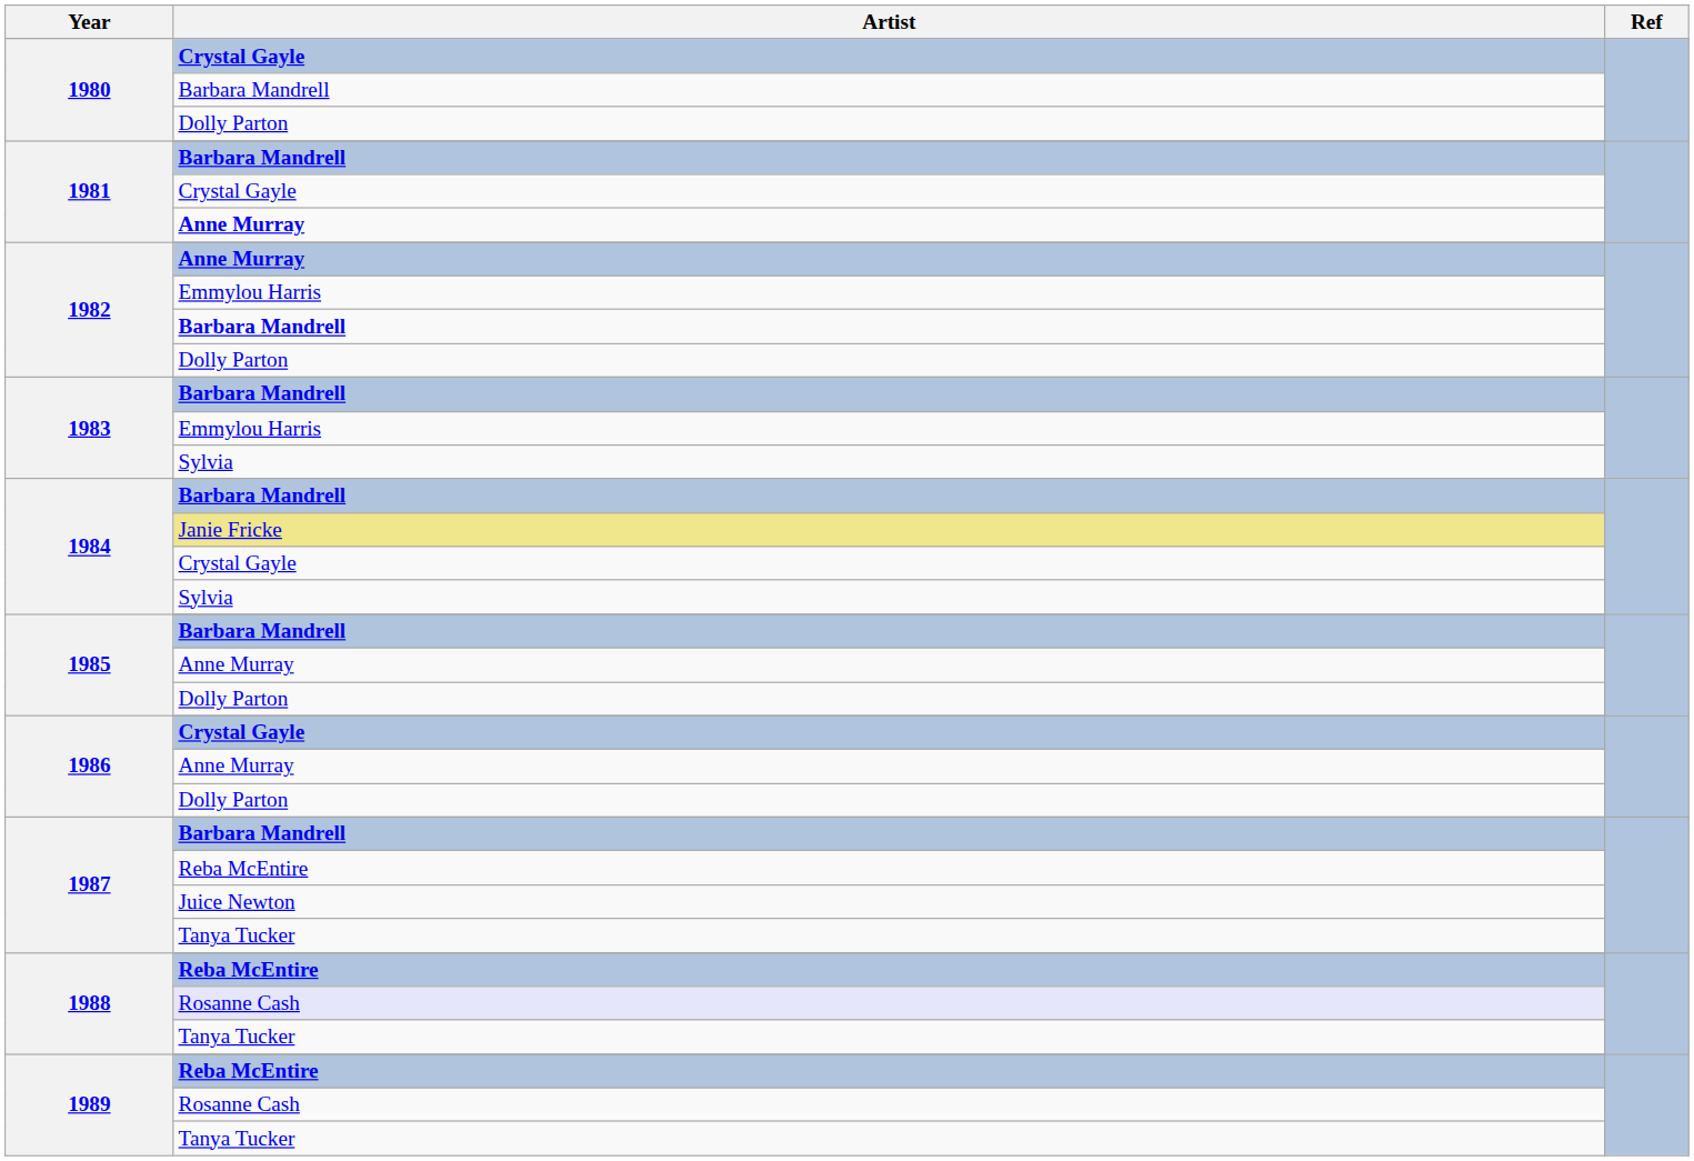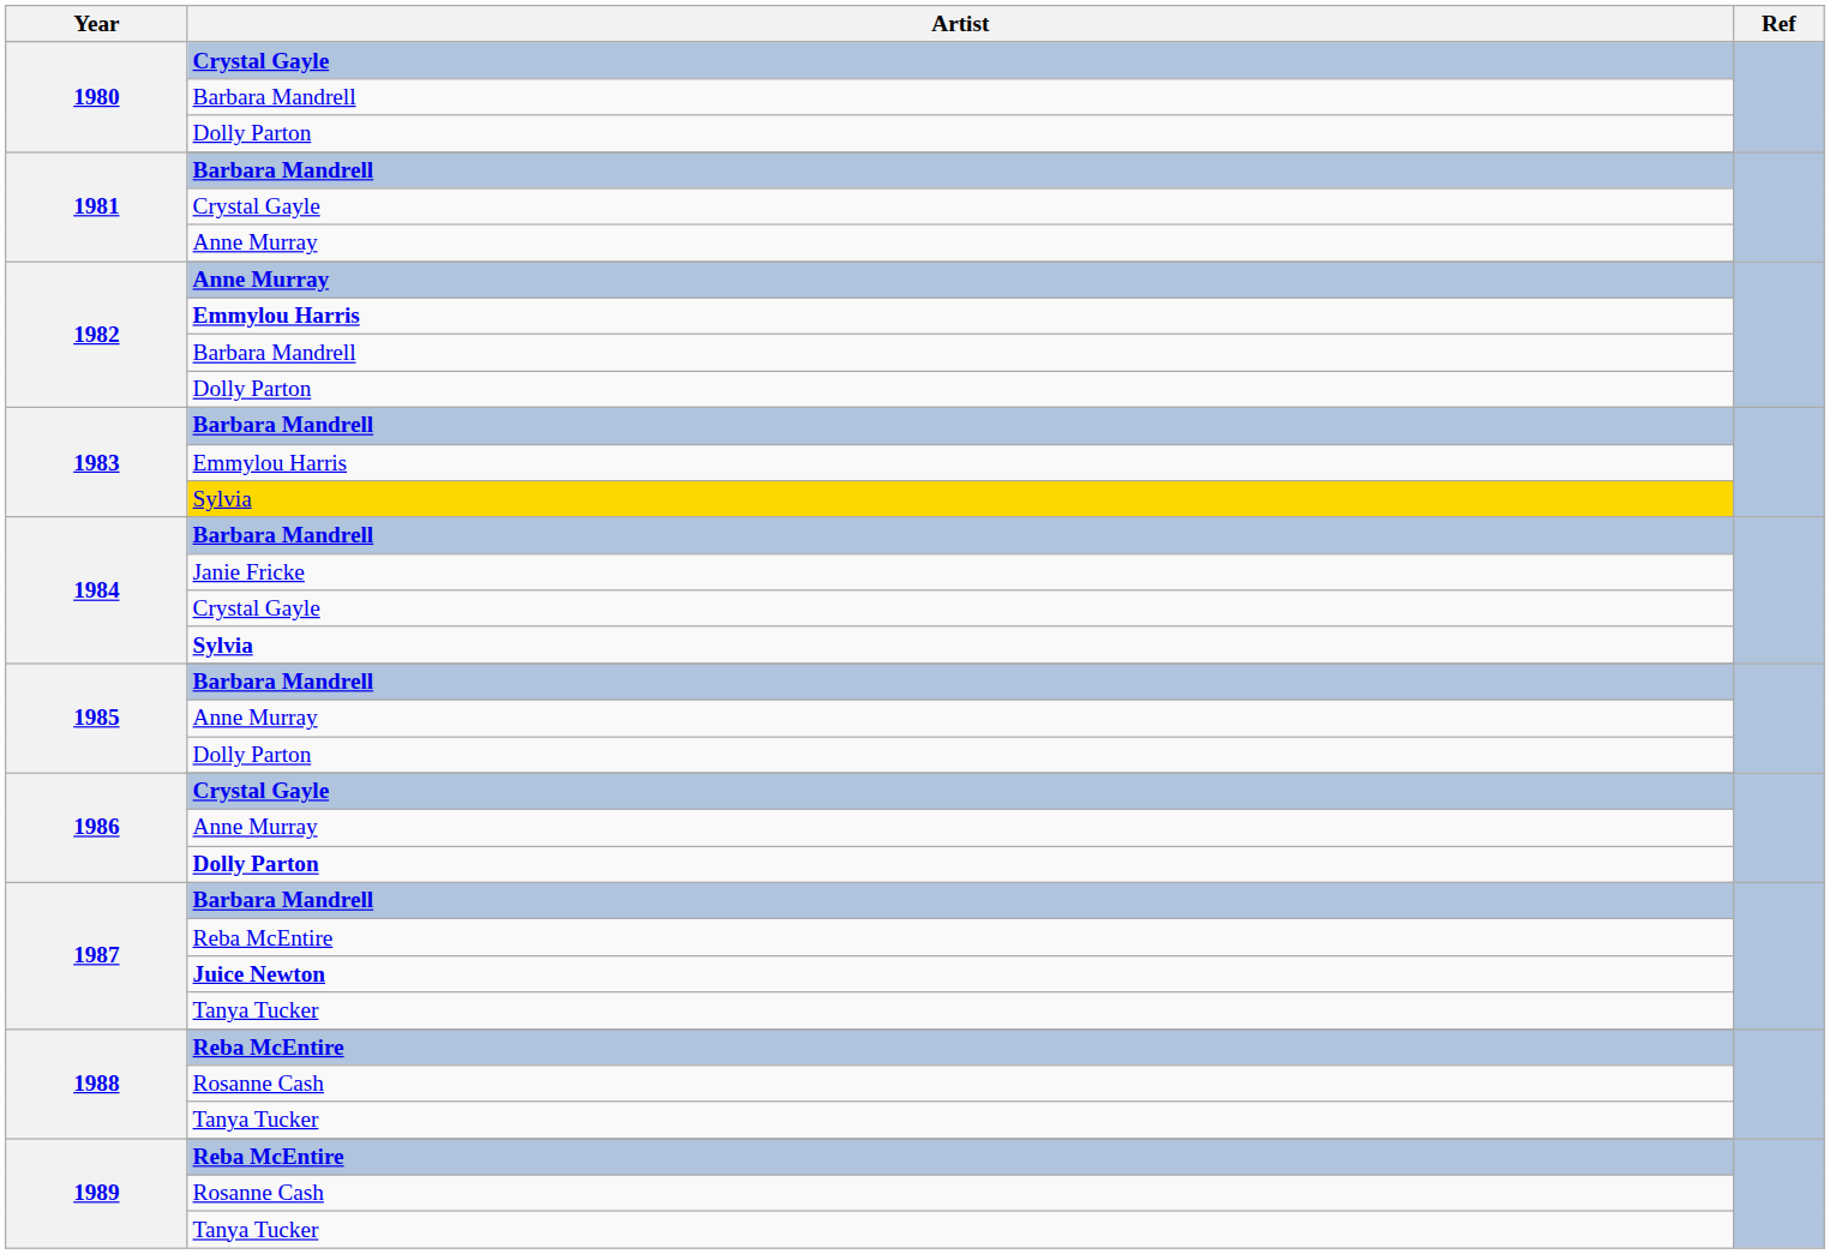 <table class="wikitable" width="100%">
 <tr>
 <th width="10%">Year</th>
 <th width="85%">Artist</th>
 <th width="5%">Ref</th>
 </tr>
 <tr style="background:#B0C4DE">
 <th rowspan="3"><a href='#'>1980<br></a></th>
 <td><strong><a href='#'>Crystal Gayle</a></strong></td>
 <td rowspan="4" align="center"></td>
 </tr>
 <tr>
 <td><a href='#'>Barbara Mandrell</a></td>
 </tr>
 <tr>
 <td><a href='#'>Dolly Parton</a></td>
 </tr>
 <tr>
 <th rowspan="4" align="center"><a href='#'>1981<br></a></th>
 </tr>
 <tr style="background:#B0C4DE">
 <td><strong><a href='#'>Barbara Mandrell</a></strong></td>
 <td rowspan="4" align="center"></td>
 </tr>
 <tr>
 <td><a href='#'>Crystal Gayle</a></td>
 </tr>
 <tr>
-<td><strong><a href='#'>Anne Murray</a></strong></td>
+<td><a href='#'>Anne Murray</a></td>
 </tr>
 <tr>
 <th rowspan="5" align="center"><a href='#'>1982<br></a></th>
 </tr>
 <tr style="background:#B0C4DE">
 <td><strong><a href='#'>Anne Murray</a></strong></td>
 <td rowspan="5" align="center"></td>
 </tr>
 <tr>
-<td><a href='#'>Emmylou Harris</a></td>
+<td><strong><a href='#'>Emmylou Harris</a></strong></td>
 </tr>
 <tr>
-<td><strong><a href='#'>Barbara Mandrell</a></strong></td>
+<td><a href='#'>Barbara Mandrell</a></td>
 </tr>
 <tr>
 <td><a href='#'>Dolly Parton</a></td>
 </tr>
 <tr>
 <th rowspan="4" align="center"><a href='#'>1983<br></a></th>
 </tr>
 <tr style="background:#B0C4DE">
 <td><strong><a href='#'>Barbara Mandrell</a></strong></td>
 <td rowspan="4" align="center"></td>
 </tr>
 <tr>
 <td><a href='#'>Emmylou Harris</a></td>
 </tr>
 <tr>
-<td><a href='#'>Sylvia</a></td>
+<td style="background: gold;"><a href='#'>Sylvia</a></td>
 </tr>
 <tr>
 <th rowspan="5" align="center"><a href='#'>1984<br></a></th>
 </tr>
 <tr style="background:#B0C4DE">
 <td><strong><a href='#'>Barbara Mandrell</a></strong></td>
 <td rowspan="5" align="center"></td>
 </tr>
 <tr>
-<td style="background: khaki;"><a href='#'>Janie Fricke</a></td>
+<td><a href='#'>Janie Fricke</a></td>
 </tr>
 <tr>
 <td><a href='#'>Crystal Gayle</a></td>
 </tr>
 <tr>
-<td><a href='#'>Sylvia</a></td>
+<td><strong><a href='#'>Sylvia</a></strong></td>
 </tr>
 <tr>
 <th rowspan="4" align="center"><a href='#'>1985<br></a></th>
 </tr>
 <tr style="background:#B0C4DE">
 <td><strong><a href='#'>Barbara Mandrell</a></strong></td>
 <td rowspan="4" align="center"></td>
 </tr>
 <tr>
 <td><a href='#'>Anne Murray</a></td>
 </tr>
 <tr>
 <td><a href='#'>Dolly Parton</a></td>
 </tr>
 <tr>
 <th rowspan="4" align="center"><a href='#'>1986<br></a></th>
 </tr>
 <tr style="background:#B0C4DE">
 <td><strong><a href='#'>Crystal Gayle</a></strong></td>
 <td rowspan="4" align="center"></td>
 </tr>
 <tr>
 <td><a href='#'>Anne Murray</a></td>
 </tr>
 <tr>
-<td><a href='#'>Dolly Parton</a></td>
+<td><strong><a href='#'>Dolly Parton</a></strong></td>
 </tr>
 <tr>
 <th rowspan="5" align="center"><a href='#'>1987<br></a></th>
 </tr>
 <tr style="background:#B0C4DE">
 <td><strong><a href='#'>Barbara Mandrell</a></strong></td>
 <td rowspan="5" align="center"></td>
 </tr>
 <tr>
 <td><a href='#'>Reba McEntire</a></td>
 </tr>
 <tr>
-<td><a href='#'>Juice Newton</a></td>
+<td><strong><a href='#'>Juice Newton</a></strong></td>
 </tr>
 <tr>
 <td><a href='#'>Tanya Tucker</a></td>
 </tr>
 <tr>
 <th rowspan="4" align="center"><a href='#'>1988<br></a></th>
 </tr>
 <tr style="background:#B0C4DE">
 <td><strong><a href='#'>Reba McEntire</a></strong></td>
 <td rowspan="4" align="center"></td>
 </tr>
 <tr>
-<td style="background: lavender;"><a href='#'>Rosanne Cash</a></td>
+<td><a href='#'>Rosanne Cash</a></td>
 </tr>
 <tr>
 <td><a href='#'>Tanya Tucker</a></td>
 </tr>
 <tr>
 <th rowspan="4" align="center"><a href='#'>1989<br></a></th>
 </tr>
 <tr style="background:#B0C4DE">
 <td><strong><a href='#'>Reba McEntire</a></strong></td>
 <td rowspan="4" align="center"></td>
 </tr>
 <tr>
 <td><a href='#'>Rosanne Cash</a></td>
 </tr>
 <tr>
 <td><a href='#'>Tanya Tucker</a></td>
 </tr>
 </table>
